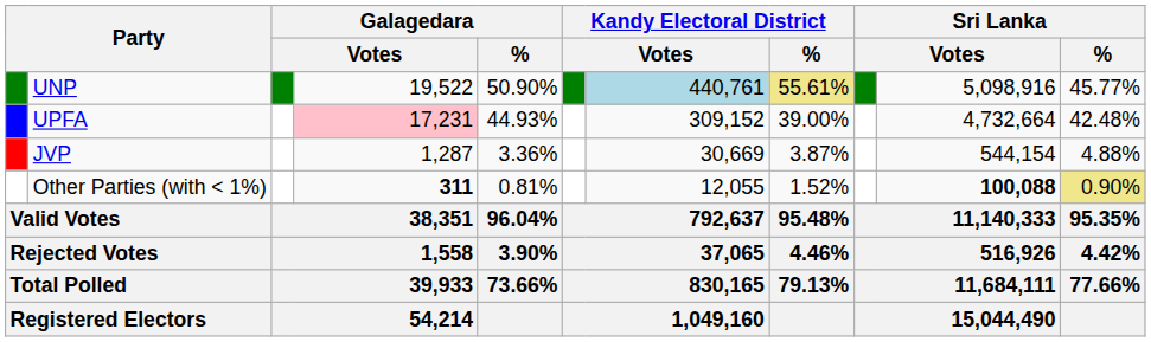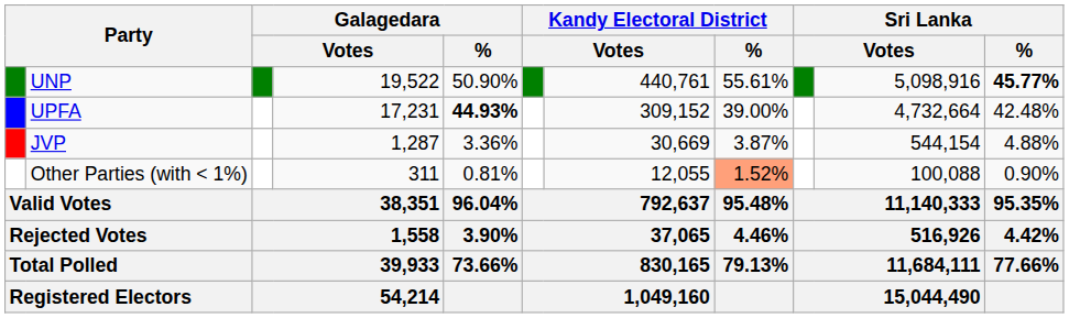 <table class="wikitable">
 <tr>
 <th colspan="2" width="144px"rowspan="2">Party</th>
 <th colspan="3" width="216px">Galagedara</th>
 <th colspan="3" width="216px"><a href='#'>Kandy Electoral District</a></th>
 <th colspan="3" width="216px">Sri Lanka</th>
 </tr>
 <tr>
 <th colspan="2" width="144px">Votes</th>
 <th>%</th>
 <th colspan="2" width="144px">Votes</th>
 <th>%</th>
 <th colspan="2" width="144px">Votes</th>
 <th>%</th>
 </tr>
 <tr>
 <td style="background-color:green;" width="10px"></td>
 <td style="text-align:left;"><a href='#'>UNP</a></td>
 <td style="background-color:green;" width="10px"></td>
 <td style="text-align:right;">19,522</td>
 <td style="text-align:right;">50.90%</td>
 <td style="background-color:green;" width="10px"></td>
-<td style="background: lightblue; text-align:right;">440,761</td>
-<td style="background: khaki; text-align:right;">55.61%</td>
+<td style="text-align:right;">440,761</td>
+<td style="text-align:right;">55.61%</td>
 <td style="background-color:green;" width="10px"></td>
 <td style="text-align:right;">5,098,916</td>
-<td style="text-align:right;">45.77%</td>
+<td style="text-align:right;"><strong>45.77%</strong></td>
 </tr>
 <tr>
 <td style="background-color:blue;" width="10px"></td>
 <td style="text-align:left;"><a href='#'>UPFA</a></td>
 <td style="background-color:white;" width="10px"></td>
-<td style="background: pink; text-align:right;">17,231</td>
-<td style="text-align:right;">44.93%</td>
+<td style="text-align:right;">17,231</td>
+<td style="text-align:right;"><strong>44.93%</strong></td>
 <td style="background-color:white;" width="10px"></td>
 <td style="text-align:right;">309,152</td>
 <td style="text-align:right;">39.00%</td>
 <td style="background-color:white;" width="10px"></td>
 <td style="text-align:right;">4,732,664</td>
 <td style="text-align:right;">42.48%</td>
 </tr>
 <tr>
 <td style="background-color:red;" width="10px"></td>
 <td style="text-align:left;"><a href='#'>JVP</a></td>
 <td style="background-color:white;" width="10px"></td>
 <td style="text-align:right;">1,287</td>
 <td style="text-align:right;">3.36%</td>
 <td style="background-color:white;" width="10px"></td>
 <td style="text-align:right;">30,669</td>
 <td style="text-align:right;">3.87%</td>
 <td style="background-color:white;" width="10px"></td>
 <td style="text-align:right;">544,154</td>
 <td style="text-align:right;">4.88%</td>
 </tr>
 <tr>
 <td style="background-color:white;" width="10px"></td>
 <td style="text-align:left;">Other Parties (with < 1%)</td>
 <td style="background-color:white;" width="10px"></td>
-<td style="text-align:right;"><strong>311</strong></td>
+<td style="text-align:right;">311</td>
 <td style="text-align:right;">0.81%</td>
 <td style="background-color:white;" width="10px"></td>
 <td style="text-align:right;">12,055</td>
-<td style="text-align:right;">1.52%</td>
+<td style="background: lightsalmon; text-align:right;">1.52%</td>
 <td style="background-color:white;" width="10px"></td>
-<td style="text-align:right;"><strong>100,088</strong></td>
-<td style="background: khaki; text-align:right;">0.90%</td>
+<td style="text-align:right;">100,088</td>
+<td style="text-align:right;">0.90%</td>
 </tr>
 <tr>
 <th colspan="2" width="144px"style="text-align:left;">Valid Votes</th>
 <th style="text-align:right;"colspan="2" width="144px">38,351</th>
 <th style="text-align:right;">96.04%</th>
 <th style="text-align:right;"colspan="2" width="144px">792,637</th>
 <th style="text-align:right;">95.48%</th>
 <th style="text-align:right;"colspan="2" width="144px">11,140,333</th>
 <th style="text-align:right;">95.35%</th>
 </tr>
 <tr>
 <th colspan="2" width="144px"style="text-align:left;">Rejected Votes</th>
 <th style="text-align:right;"colspan="2" width="144px">1,558</th>
 <th style="text-align:right;">3.90%</th>
 <th style="text-align:right;"colspan="2" width="144px">37,065</th>
 <th style="text-align:right;">4.46%</th>
 <th style="text-align:right;"colspan="2" width="144px">516,926</th>
 <th style="text-align:right;">4.42%</th>
 </tr>
 <tr>
 <th colspan="2" width="144px"style="text-align:left;">Total Polled</th>
 <th style="text-align:right;"colspan="2" width="144px">39,933</th>
 <th style="text-align:right;">73.66%</th>
 <th style="text-align:right;"colspan="2" width="144px">830,165</th>
 <th style="text-align:right;">79.13%</th>
 <th style="text-align:right;"colspan="2" width="144px">11,684,111</th>
 <th style="text-align:right;">77.66%</th>
 </tr>
 <tr>
 <th colspan="2" width="144px"style="text-align:left;">Registered Electors</th>
 <th style="text-align:right;"colspan="2" width="144px">54,214</th>
 <th></th>
 <th style="text-align:right;"colspan="2" width="144px">1,049,160</th>
 <th></th>
 <th style="text-align:right;"colspan="2" width="144px">15,044,490</th>
 <th></th>
 </tr>
 </table>
